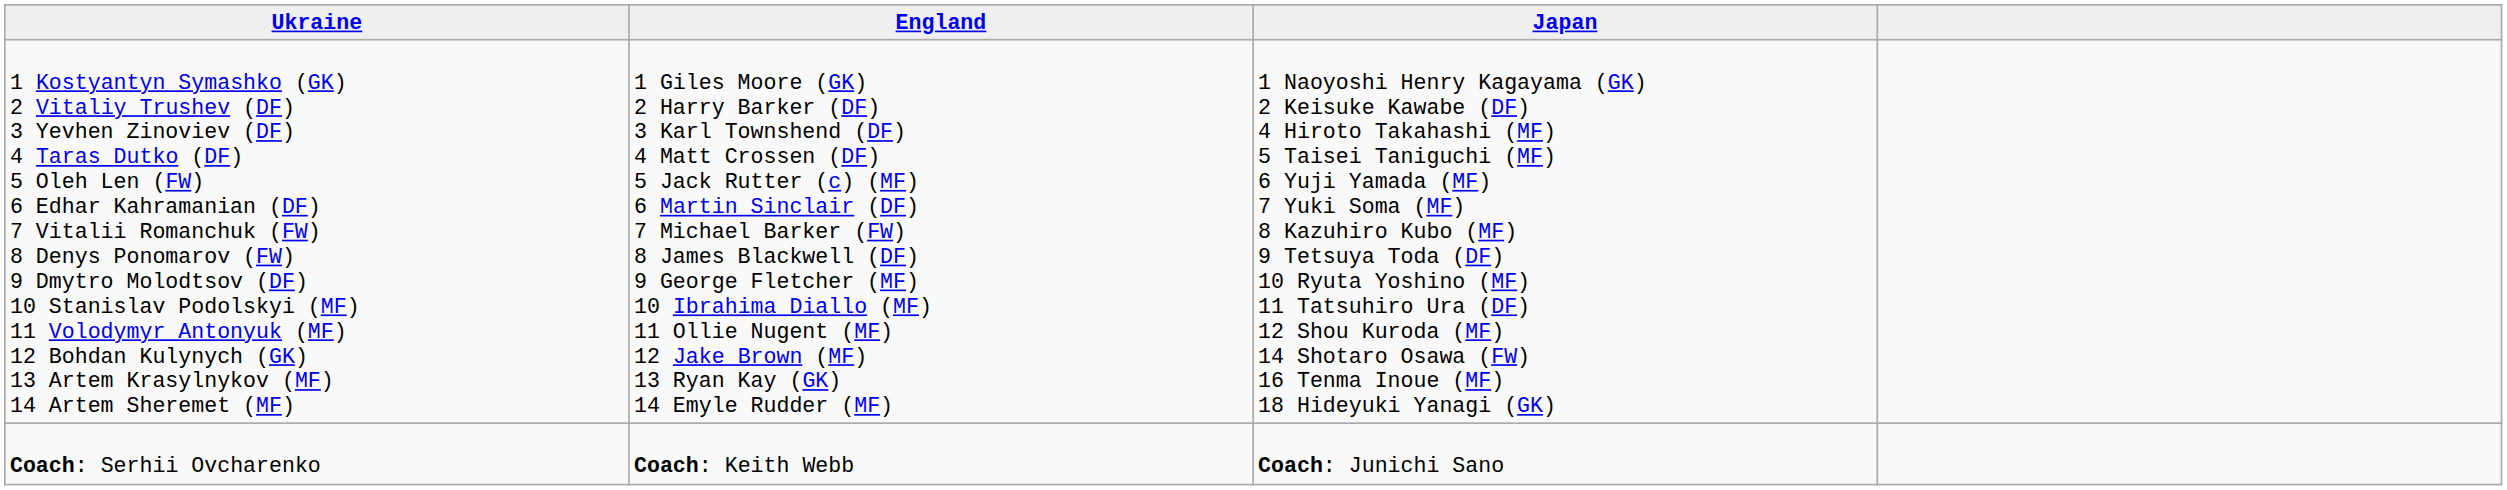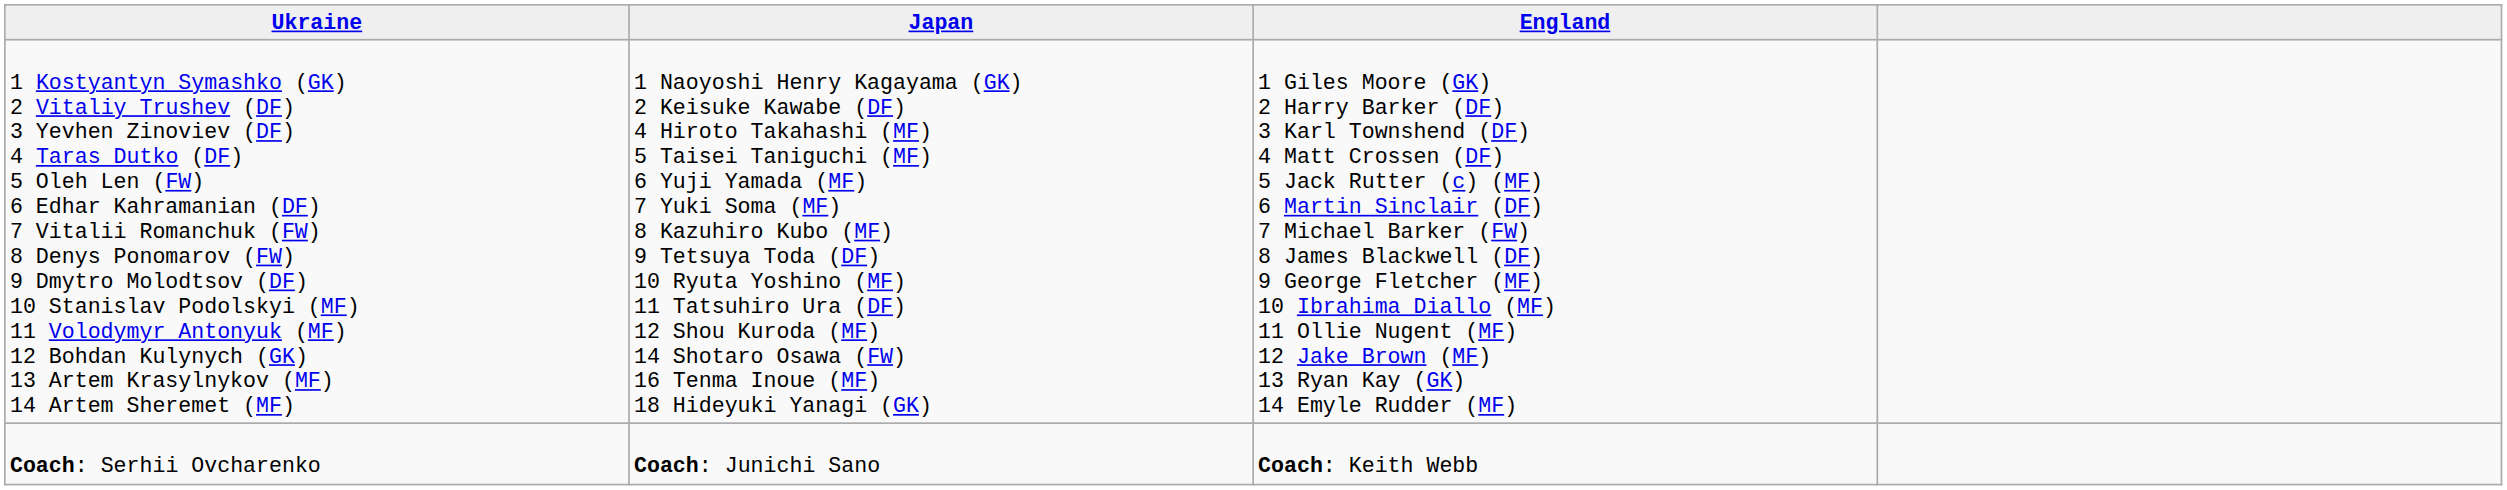 <table class="wikitable mw-collapsible mw-collapsed" cellpadding=5 cellspacing=0 style="width:95%">
 <tr align=center>
 <td bgcolor="#efefef" width="200"><strong> <a href='#'>Ukraine</a></strong></td>
+<td bgcolor="#efefef" width="200"><strong> <a href='#'>Japan</a></strong></td>
 <td bgcolor="#efefef" width="200"><strong> <a href='#'>England</a></strong></td>
-<td bgcolor="#efefef" width="200"><strong> <a href='#'>Japan</a></strong></td>
 <td bgcolor="#efefef" width="200"></td>
 </tr>
 <tr valign=top>
 <td><br>1 <a href='#'>Kostyantyn Symashko</a> (<a href='#'>GK</a>)<br> 2 <a href='#'>Vitaliy Trushev</a> (<a href='#'>DF</a>)<br> 3 Yevhen Zinoviev (<a href='#'>DF</a>)<br> 4 <a href='#'>Taras Dutko</a> (<a href='#'>DF</a>)<br> 5 Oleh Len (<a href='#'>FW</a>)<br> 6 Edhar Kahramanian (<a href='#'>DF</a>)<br> 7 Vitalii Romanchuk (<a href='#'>FW</a>)<br> 8 Denys Ponomarov (<a href='#'>FW</a>)<br> 9 Dmytro Molodtsov (<a href='#'>DF</a>)<br> 10 Stanislav Podolskyi (<a href='#'>MF</a>)<br> 11 <a href='#'>Volodymyr Antonyuk</a> (<a href='#'>MF</a>)<br> 12 Bohdan Kulynych (<a href='#'>GK</a>)<br> 13 Artem Krasylnykov (<a href='#'>MF</a>)<br> 14 Artem Sheremet (<a href='#'>MF</a>)</td>
+<td><br>1 Naoyoshi Henry Kagayama (<a href='#'>GK</a>)<br> 2 Keisuke Kawabe (<a href='#'>DF</a>)<br> 4 Hiroto Takahashi (<a href='#'>MF</a>)<br> 5 Taisei Taniguchi (<a href='#'>MF</a>)<br> 6 Yuji Yamada (<a href='#'>MF</a>)<br> 7 Yuki Soma (<a href='#'>MF</a>)<br> 8 Kazuhiro Kubo (<a href='#'>MF</a>)<br> 9 Tetsuya Toda (<a href='#'>DF</a>)<br> 10 Ryuta Yoshino (<a href='#'>MF</a>)<br> 11 Tatsuhiro Ura (<a href='#'>DF</a>)<br> 12 Shou Kuroda (<a href='#'>MF</a>)<br> 14 Shotaro Osawa (<a href='#'>FW</a>)<br> 16 Tenma Inoue (<a href='#'>MF</a>)<br> 18 Hideyuki Yanagi (<a href='#'>GK</a>)</td>
 <td><br>1 Giles Moore (<a href='#'>GK</a>)<br> 2 Harry Barker (<a href='#'>DF</a>)<br> 3 Karl Townshend (<a href='#'>DF</a>)<br> 4 Matt Crossen (<a href='#'>DF</a>)<br> 5 Jack Rutter (<a href='#'>c</a>) (<a href='#'>MF</a>)<br> 6 <a href='#'>Martin Sinclair</a> (<a href='#'>DF</a>)<br> 7 Michael Barker (<a href='#'>FW</a>)<br> 8 James Blackwell (<a href='#'>DF</a>)<br> 9 George Fletcher (<a href='#'>MF</a>)<br> 10 <a href='#'>Ibrahima Diallo</a> (<a href='#'>MF</a>)<br> 11 Ollie Nugent (<a href='#'>MF</a>)<br> 12 <a href='#'>Jake Brown</a> (<a href='#'>MF</a>)<br> 13 Ryan Kay (<a href='#'>GK</a>)<br> 14 Emyle Rudder (<a href='#'>MF</a>)</td>
-<td><br>1 Naoyoshi Henry Kagayama (<a href='#'>GK</a>)<br> 2 Keisuke Kawabe (<a href='#'>DF</a>)<br> 4 Hiroto Takahashi (<a href='#'>MF</a>)<br> 5 Taisei Taniguchi (<a href='#'>MF</a>)<br> 6 Yuji Yamada (<a href='#'>MF</a>)<br> 7 Yuki Soma (<a href='#'>MF</a>)<br> 8 Kazuhiro Kubo (<a href='#'>MF</a>)<br> 9 Tetsuya Toda (<a href='#'>DF</a>)<br> 10 Ryuta Yoshino (<a href='#'>MF</a>)<br> 11 Tatsuhiro Ura (<a href='#'>DF</a>)<br> 12 Shou Kuroda (<a href='#'>MF</a>)<br> 14 Shotaro Osawa (<a href='#'>FW</a>)<br> 16 Tenma Inoue (<a href='#'>MF</a>)<br> 18 Hideyuki Yanagi (<a href='#'>GK</a>)</td>
 <td></td>
 </tr>
 <tr valign=top>
 <td><br><strong>Coach</strong>: Serhii Ovcharenko</td>
+<td><br><strong>Coach</strong>: Junichi Sano</td>
 <td><br><strong>Coach</strong>: Keith Webb</td>
-<td><br><strong>Coach</strong>: Junichi Sano</td>
 <td></td>
 </tr>
 </table>
